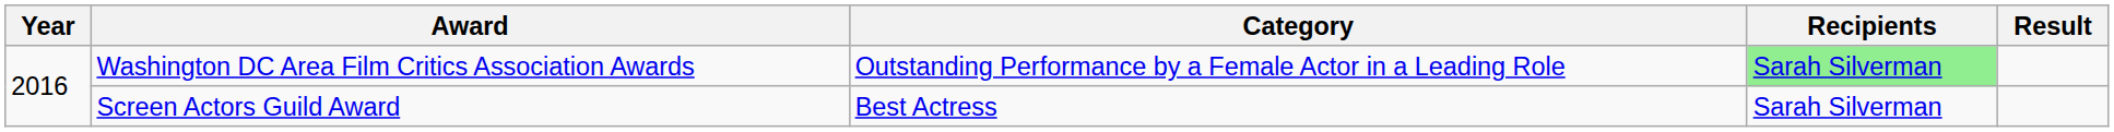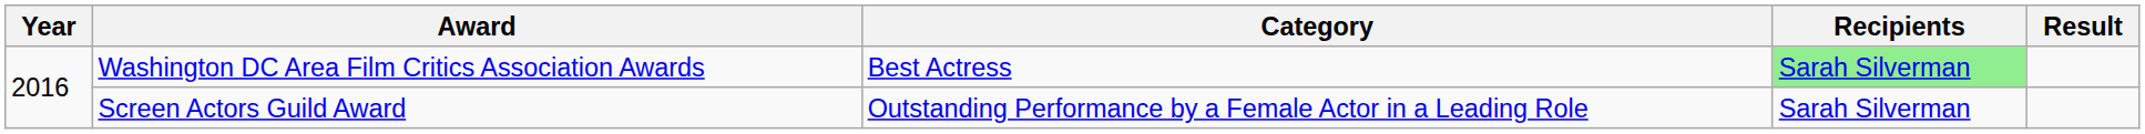 <table class="wikitable sortable"  style="font-size:95%; width:99%;">
 <tr style="text-align:center;">
 <th>Year</th>
 <th>Award</th>
 <th>Category</th>
 <th>Recipients</th>
 <th>Result</th>
 </tr>
 <tr>
 <td rowspan="2">2016</td>
 <td><a href='#'>Washington DC Area Film Critics Association Awards</a></td>
-<td><a href='#'>Outstanding Performance by a Female Actor in a Leading Role</a></td>
+<td><a href='#'>Best Actress</a></td>
 <td style="background: lightgreen;"><a href='#'>Sarah Silverman</a></td>
 <td></td>
 </tr>
 <tr>
 <td><a href='#'>Screen Actors Guild Award</a></td>
-<td><a href='#'>Best Actress</a></td>
+<td><a href='#'>Outstanding Performance by a Female Actor in a Leading Role</a></td>
 <td><a href='#'>Sarah Silverman</a></td>
 <td></td>
 </tr>
 </table>
